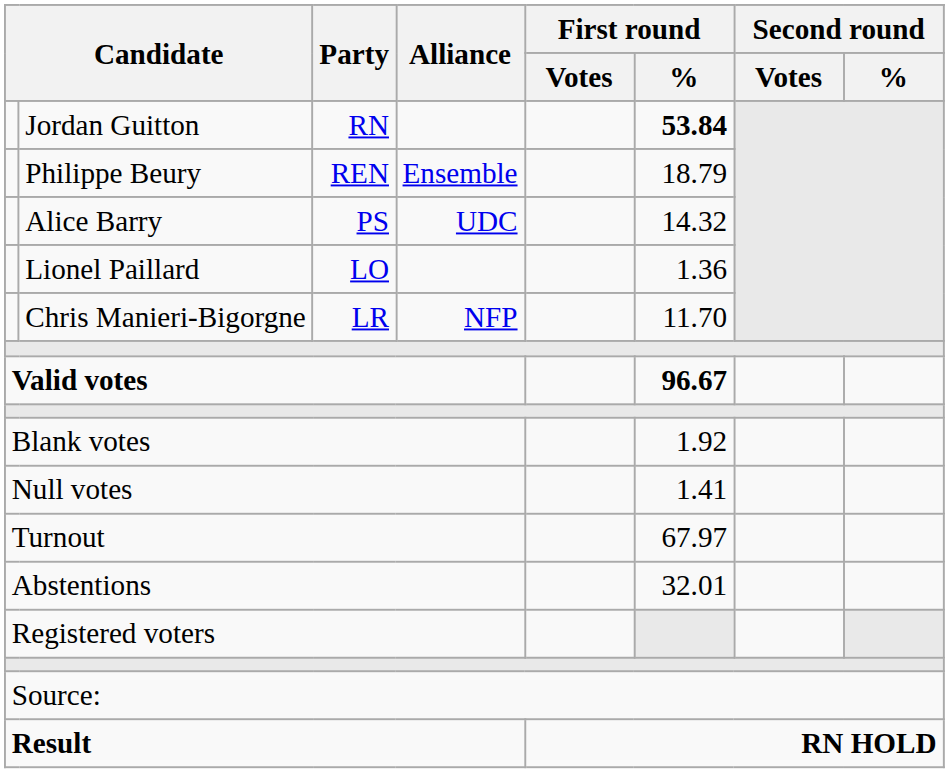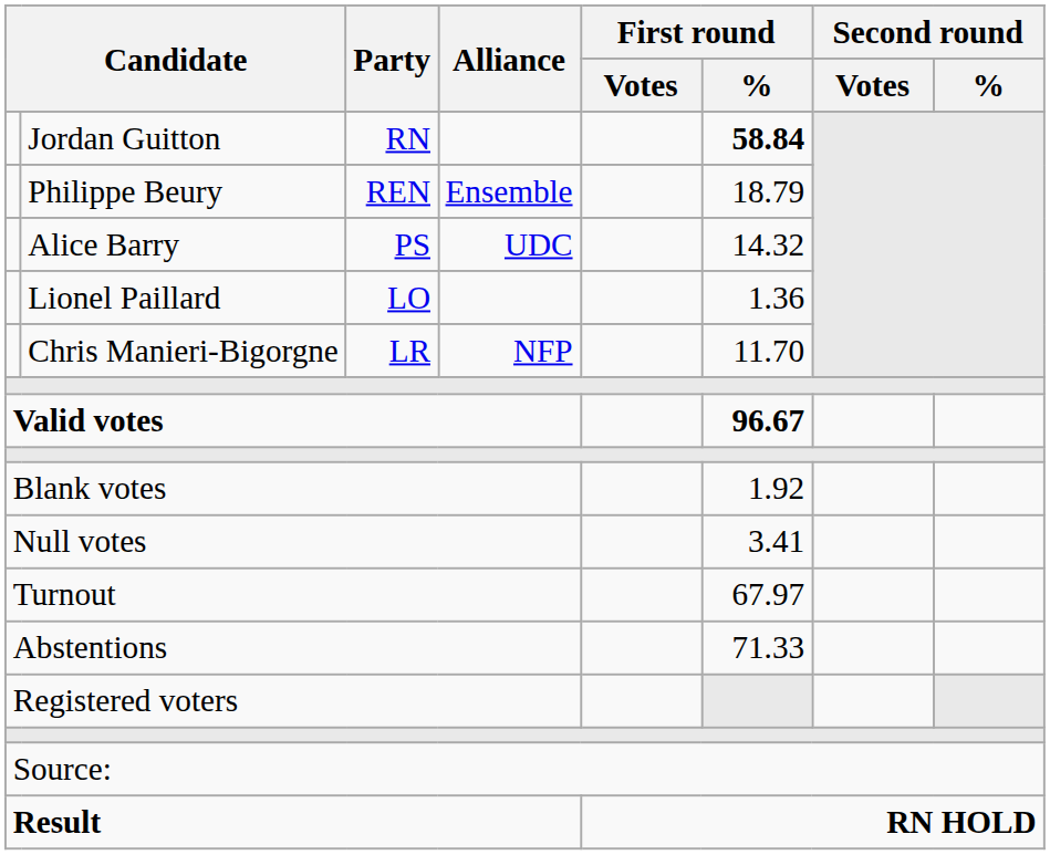 <table class="wikitable" style="text-align:right;font-size:95%;">
 <tr>
 <th colspan="2" rowspan="2">Candidate</th>
 <th colspan="1" rowspan="2">Party</th>
 <th colspan="1" rowspan="2">Alliance</th>
 <th colspan="2">First round</th>
 <th colspan="2">Second round</th>
 </tr>
 <tr>
 <th style="width:50px;">Votes</th>
 <th style="width:45px;">%</th>
 <th style="width:50px;">Votes</th>
 <th style="width:45px;">%</th>
 </tr>
 <tr>
 <td style="color:inherit;background:"></td>
 <td style="text-align:left;">Jordan Guitton</td>
 <td><a href='#'>RN</a></td>
 <td></td>
 <td><strong></strong></td>
-<td><strong>53.84</strong></td>
+<td><strong>58.84</strong></td>
 <td colspan="2" rowspan="5" style="background:#E9E9E9;"></td>
 </tr>
 <tr>
 <td style="color:inherit;background:"></td>
 <td style="text-align:left;">Philippe Beury</td>
 <td><a href='#'>REN</a></td>
 <td><a href='#'>Ensemble</a></td>
 <td></td>
 <td>18.79</td>
 </tr>
 <tr>
 <td style="color:inherit;background:"></td>
 <td style="text-align:left;">Alice Barry</td>
 <td><a href='#'>PS</a></td>
 <td><a href='#'>UDC</a></td>
 <td></td>
 <td>14.32</td>
 </tr>
 <tr>
 <td style="color:inherit;background:"></td>
 <td style="text-align:left;">Lionel Paillard</td>
 <td><a href='#'>LO</a></td>
 <td></td>
 <td></td>
 <td>1.36</td>
 </tr>
 <tr>
 <td style="color:inherit;background:"></td>
 <td style="text-align:left;">Chris Manieri-Bigorgne</td>
 <td><a href='#'>LR</a></td>
 <td><a href='#'>NFP</a></td>
 <td></td>
 <td>11.70</td>
 </tr>
 <tr>
 <td colspan="8" style="background:#E9E9E9;"></td>
 </tr>
 <tr style="font-weight:bold;">
 <td colspan="4" style="text-align:left;">Valid votes</td>
 <td></td>
 <td>96.67</td>
 <td></td>
 <td></td>
 </tr>
 <tr>
 <td colspan="8" style="background:#E9E9E9;"></td>
 </tr>
 <tr>
 <td colspan="4" style="text-align:left;">Blank votes</td>
 <td></td>
 <td>1.92</td>
 <td></td>
 <td></td>
 </tr>
 <tr>
 <td colspan="4" style="text-align:left;">Null votes</td>
 <td></td>
-<td>1.41</td>
+<td>3.41</td>
 <td></td>
 <td></td>
 </tr>
 <tr>
 <td colspan="4" style="text-align:left;">Turnout</td>
 <td></td>
 <td>67.97</td>
 <td></td>
 <td></td>
 </tr>
 <tr>
 <td colspan="4" style="text-align:left;">Abstentions</td>
 <td></td>
-<td>32.01</td>
+<td>71.33</td>
 <td></td>
 <td></td>
 </tr>
 <tr>
 <td colspan="4" style="text-align:left;">Registered voters</td>
 <td></td>
 <td style="background:#E9E9E9;"></td>
 <td></td>
 <td style="background:#E9E9E9;"></td>
 </tr>
 <tr>
 <td colspan="8" style="background:#E9E9E9;"></td>
 </tr>
 <tr>
 <td colspan="8" style="text-align:left;">Source: </td>
 </tr>
 <tr style="font-weight:bold">
 <td colspan="4" style="text-align:left;">Result</td>
 <td colspan="4" style="background-color:">RN HOLD</td>
 </tr>
 </table>
